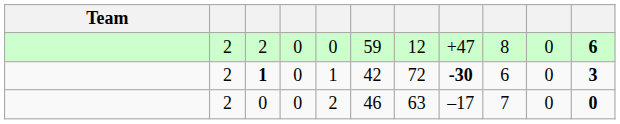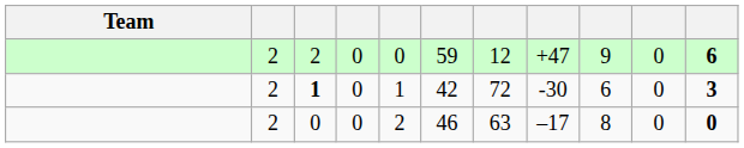 <table class="wikitable" style="text-align:center;">
 <tr>
 <th style="width:11.0em;">Team</th>
 <th style="width:1.5em;"></th>
 <th style="width:1.5em;"></th>
 <th style="width:1.5em;"></th>
 <th style="width:1.5em;"></th>
 <th style="width:2.0em;"></th>
 <th style="width:2.0em;"></th>
 <th style="width:2.0em;"></th>
 <th style="width:2.0em;"></th>
 <th style="width:2.0em;"></th>
 <th style="width:2.0em;"></th>
 </tr>
 <tr bgcolor=#cfc>
 <td align="left"></td>
 <td>2</td>
 <td>2</td>
 <td>0</td>
 <td>0</td>
 <td>59</td>
 <td>12</td>
 <td>+47</td>
-<td>8</td>
+<td>9</td>
 <td>0</td>
 <td><strong>6</strong></td>
 </tr>
 <tr>
 <td align="left"></td>
 <td>2</td>
 <td><strong>1</strong></td>
 <td>0</td>
 <td>1</td>
 <td>42</td>
 <td>72</td>
-<td><strong>-30</strong></td>
+<td>-30</td>
 <td>6</td>
 <td>0</td>
 <td><strong>3</strong></td>
 </tr>
 <tr>
 <td align="left"></td>
 <td>2</td>
 <td>0</td>
 <td>0</td>
 <td>2</td>
 <td>46</td>
 <td>63</td>
 <td>–17</td>
-<td>7</td>
+<td>8</td>
 <td>0</td>
 <td><strong>0</strong></td>
 </tr>
 </table>
